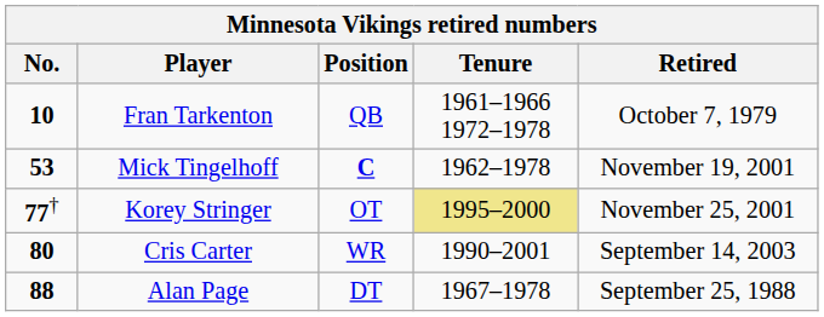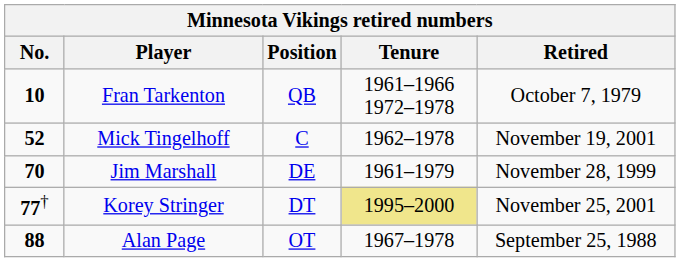 <table class="wikitable sortable" style="text-align:center">
 <tr>
 <th colspan="5">Minnesota Vikings retired numbers</th>
 </tr>
 <tr>
 <th style="width:40px;">No.</th>
 <th style="width:150px;">Player</th>
 <th style="width:40px;">Position</th>
 <th style="width:100px;">Tenure</th>
 <th style="width:150px;">Retired</th>
 </tr>
 <tr>
 <td><strong>10</strong></td>
 <td><a href='#'>Fran Tarkenton</a></td>
 <td><a href='#'>QB</a></td>
 <td>1961–1966<br>1972–1978</td>
 <td>October 7, 1979</td>
 </tr>
 <tr>
-<td><strong>53</strong></td>
+<td><strong>52</strong></td>
 <td><a href='#'>Mick Tingelhoff</a></td>
-<td><strong><a href='#'>C</a></strong></td>
+<td><a href='#'>C</a></td>
 <td>1962–1978</td>
 <td>November 19, 2001</td>
 </tr>
 <tr>
+<td><strong>70</strong></td>
+<td><a href='#'>Jim Marshall</a></td>
+<td><a href='#'>DE</a></td>
+<td>1961–1979</td>
+<td>November 28, 1999</td>
+</tr>
+<tr>
 <td><strong>77</strong><sup>†</sup></td>
 <td><a href='#'>Korey Stringer</a></td>
-<td><a href='#'>OT</a></td>
+<td><a href='#'>DT</a></td>
 <td style="background: khaki;">1995–2000</td>
 <td>November 25, 2001</td>
 </tr>
 <tr>
-<td><strong>80</strong></td>
-<td><a href='#'>Cris Carter</a></td>
-<td><a href='#'>WR</a></td>
-<td>1990–2001</td>
-<td>September 14, 2003</td>
-</tr>
-<tr>
 <td><strong>88</strong></td>
 <td><a href='#'>Alan Page</a></td>
-<td><a href='#'>DT</a></td>
+<td><a href='#'>OT</a></td>
 <td>1967–1978</td>
 <td>September 25, 1988</td>
 </tr>
 </table>
